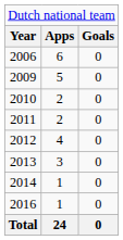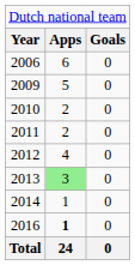 <table class="wikitable" style="text-align: center;">
 <tr>
 <td colspan="3"><a href='#'>Dutch national team</a></td>
 </tr>
 <tr>
 <th>Year</th>
 <th>Apps</th>
 <th>Goals</th>
 </tr>
 <tr>
 <td>2006</td>
 <td>6</td>
 <td>0</td>
 </tr>
 <tr>
 <td>2009</td>
 <td>5</td>
 <td>0</td>
 </tr>
 <tr>
 <td>2010</td>
 <td>2</td>
 <td>0</td>
 </tr>
 <tr>
 <td>2011</td>
 <td>2</td>
 <td>0</td>
 </tr>
 <tr>
 <td>2012</td>
 <td>4</td>
 <td>0</td>
 </tr>
 <tr>
 <td>2013</td>
-<td>3</td>
+<td style="background: lightgreen;">3</td>
 <td>0</td>
 </tr>
 <tr>
 <td>2014</td>
 <td>1</td>
 <td>0</td>
 </tr>
 <tr>
 <td>2016</td>
-<td>1</td>
+<td><strong>1</strong></td>
 <td>0</td>
 </tr>
 <tr>
 <th>Total</th>
 <th>24</th>
 <th>0</th>
 </tr>
 </table>
